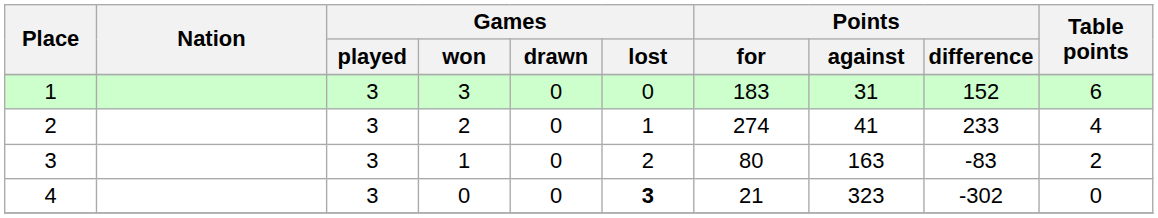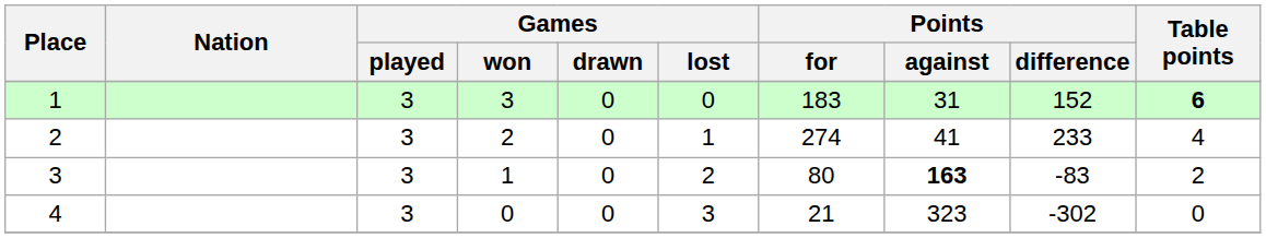 <table class="wikitable">
 <tr>
 <th rowspan=2 width="8%">Place</th>
 <th rowspan=2 width="20%">Nation</th>
 <th colspan=4 width="32%">Games</th>
 <th colspan=3 width="30%">Points</th>
 <th rowspan=2 width="10%">Table<br>points</th>
 </tr>
 <tr>
 <th width="8%">played</th>
 <th width="8%">won</th>
 <th width="8%">drawn</th>
 <th width="8%">lost</th>
 <th width="10%">for</th>
 <th width="10%">against</th>
 <th width="10%">difference</th>
 </tr>
 <tr>
 </tr>
 <tr bgcolor=#ccffcc align=center>
 <td>1</td>
 <td align=left><strong></strong></td>
 <td>3</td>
 <td>3</td>
 <td>0</td>
 <td>0</td>
 <td>183</td>
 <td>31</td>
 <td>152</td>
-<td>6</td>
+<td><strong>6</strong></td>
 </tr>
 <tr bgcolor=#ffffff align=center>
 <td>2</td>
 <td align=left></td>
 <td>3</td>
 <td>2</td>
 <td>0</td>
 <td>1</td>
 <td>274</td>
 <td>41</td>
 <td>233</td>
 <td>4</td>
 </tr>
 <tr bgcolor=#ffffff align=center>
 <td>3</td>
 <td align=left></td>
 <td>3</td>
 <td>1</td>
 <td>0</td>
 <td>2</td>
 <td>80</td>
-<td>163</td>
+<td><strong>163</strong></td>
 <td>-83</td>
 <td>2</td>
 </tr>
 <tr bgcolor=#ffffff align=center>
 <td>4</td>
 <td align=left></td>
 <td>3</td>
 <td>0</td>
 <td>0</td>
-<td><strong>3</strong></td>
+<td>3</td>
 <td>21</td>
 <td>323</td>
 <td>-302</td>
 <td>0</td>
 </tr>
 <tr bgcolor=#ffcccc align=center>
 </tr>
 </table>
